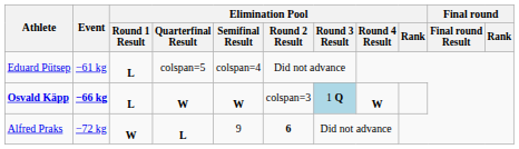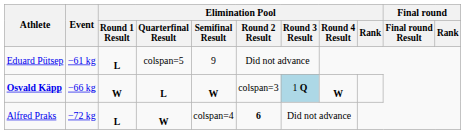 <table class="wikitable" style="font-size:90%">
 <tr>
 <th rowspan="2">Athlete</th>
 <th rowspan="2">Event</th>
 <th colspan=7>Elimination Pool</th>
 <th colspan=2>Final round</th>
 </tr>
 <tr style="font-size: 95%">
 <th>Round 1<br>Result</th>
 <th>Quarterfinal<br>Result</th>
 <th>Semifinal<br>Result</th>
 <th>Round 2<br>Result</th>
 <th>Round 3<br>Result</th>
 <th>Round 4<br>Result</th>
 <th>Rank</th>
 <th>Final round<br>Result</th>
 <th>Rank</th>
 </tr>
 <tr align=center>
 <td align=left><a href='#'>Eduard Pütsep</a></td>
 <td align=left><a href='#'>−61 kg</a></td>
 <td><br><strong>L</strong></td>
 <td>colspan=5 </td>
-<td>colspan=4 </td>
+<td>9</td>
 <td colspan=2>Did not advance</td>
 </tr>
 <tr align=center>
 <td align=left><strong><a href='#'>Osvald Käpp</a></strong></td>
-<td align=left><strong><a href='#'>−66 kg</a></strong></td>
+<td align=left><a href='#'>−66 kg</a></td>
+<td><br><strong>W</strong></td>
 <td><br><strong>L</strong></td>
-<td><br><strong>W</strong></td>
 <td><br><strong>W</strong></td>
 <td>colspan=3 </td>
 <td style="background: lightblue;">1 <strong>Q</strong></td>
 <td><br><strong>W</strong></td>
 <td></td>
 </tr>
 <tr align=center>
 <td align=left><a href='#'>Alfred Praks</a></td>
 <td align=left><a href='#'>−72 kg</a></td>
+<td><br><strong>L</strong></td>
 <td><br><strong>W</strong></td>
-<td><br><strong>L</strong></td>
-<td>9</td>
+<td>colspan=4 </td>
 <td><strong>6</strong></td>
 <td colspan=2>Did not advance</td>
 </tr>
 </table>
